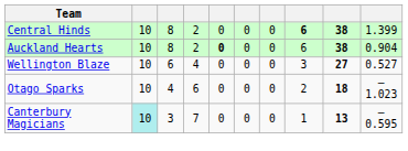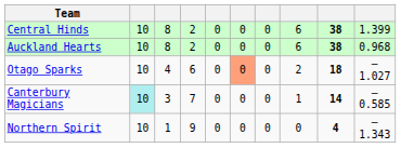 <table class="wikitable" style="text-align:center">
 <tr>
 <th width="150">Team</th>
 <th width="25"></th>
 <th width="25"></th>
 <th width="25"></th>
 <th width="25"></th>
 <th width="25"></th>
 <th width="25"></th>
 <th width="40"></th>
 <th width="40"></th>
 <th width="45"></th>
 </tr>
 <tr style="background:#cfc">
 <td style="text-align:left"><a href='#'>Central Hinds</a></td>
 <td>10</td>
 <td>8</td>
 <td>2</td>
 <td>0</td>
 <td>0</td>
 <td>0</td>
-<td><strong>6</strong></td>
+<td>6</td>
 <td><strong>38</strong></td>
 <td>1.399</td>
 </tr>
 <tr style="background:#cfc">
 <td style="text-align:left"><a href='#'>Auckland Hearts</a></td>
 <td>10</td>
 <td>8</td>
 <td>2</td>
-<td><strong>0</strong></td>
+<td>0</td>
 <td>0</td>
 <td>0</td>
 <td>6</td>
 <td><strong>38</strong></td>
-<td>0.904</td>
-</tr>
-<tr>
-<td style="text-align:left"><a href='#'>Wellington Blaze</a></td>
-<td>10</td>
-<td>6</td>
-<td>4</td>
-<td>0</td>
-<td>0</td>
-<td>0</td>
-<td>3</td>
-<td><strong>27</strong></td>
-<td>0.527</td>
+<td>0.968</td>
 </tr>
 <tr>
 <td style="text-align:left"><a href='#'>Otago Sparks</a></td>
 <td>10</td>
 <td>4</td>
 <td>6</td>
 <td>0</td>
-<td>0</td>
+<td style="background: lightsalmon;">0</td>
 <td>0</td>
 <td>2</td>
 <td><strong>18</strong></td>
-<td>–1.023</td>
+<td>–1.027</td>
 </tr>
 <tr>
 <td style="text-align:left"><a href='#'>Canterbury Magicians</a></td>
 <td style="background: paleturquoise;">10</td>
 <td>3</td>
 <td>7</td>
 <td>0</td>
 <td>0</td>
 <td>0</td>
 <td>1</td>
-<td><strong>13</strong></td>
-<td>–0.595</td>
+<td><strong>14</strong></td>
+<td>–0.585</td>
+</tr>
+<tr>
+<td style="text-align:left"><a href='#'>Northern Spirit</a></td>
+<td>10</td>
+<td>1</td>
+<td>9</td>
+<td>0</td>
+<td>0</td>
+<td>0</td>
+<td>0</td>
+<td><strong>4</strong></td>
+<td>–1.343</td>
 </tr>
 </table>
